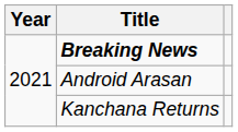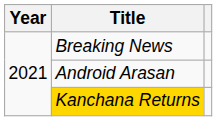 <table class="wikitable sortable">
 <tr>
 <th scope="col">Year</th>
 <th scope="col">Title</th>
 <th scope="col" class="unsortable"></th>
 </tr>
 <tr>
 <td rowspan="3">2021</td>
-<td><strong><em>Breaking News</em></strong></td>
+<td><em>Breaking News</em></td>
 <td></td>
 </tr>
 <tr>
 <td><em>Android Arasan</em></td>
 <td></td>
 </tr>
 <tr>
-<td><em>Kanchana Returns</em></td>
+<td style="background: gold;"><em>Kanchana Returns</em></td>
 <td></td>
 </tr>
 </table>
